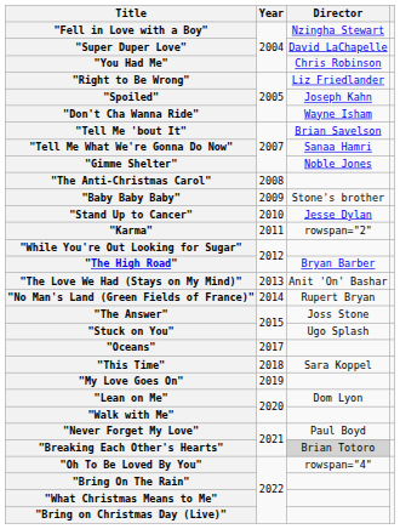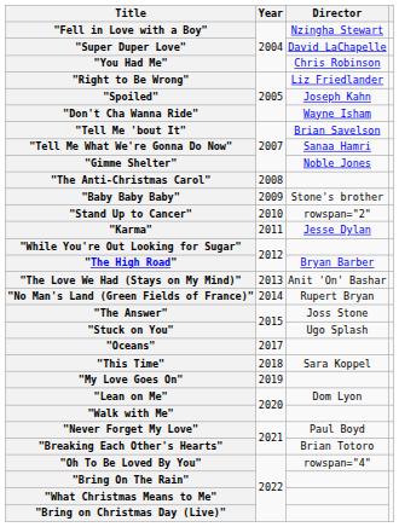 <table class="wikitable plainrowheaders" style="text-align:center;">
 <tr>
 <th scope="col">Title</th>
 <th scope="col">Year</th>
 <th scope="col">Director</th>
 <th scope="col"></th>
 </tr>
 <tr>
 <th scope="row">"Fell in Love with a Boy"</th>
 <td rowspan="3">2004</td>
 <td><a href='#'>Nzingha Stewart</a></td>
 <td></td>
 </tr>
 <tr>
 <th scope="row">"Super Duper Love"</th>
 <td><a href='#'>David LaChapelle</a></td>
 <td></td>
 </tr>
 <tr>
 <th scope="row">"You Had Me"</th>
 <td><a href='#'>Chris Robinson</a></td>
 <td></td>
 </tr>
 <tr>
 <th scope="row">"Right to Be Wrong"</th>
 <td rowspan="3">2005</td>
 <td><a href='#'>Liz Friedlander</a></td>
 <td></td>
 </tr>
 <tr>
 <th scope="row">"Spoiled"</th>
 <td><a href='#'>Joseph Kahn</a></td>
 <td></td>
 </tr>
 <tr>
 <th scope="row">"Don't Cha Wanna Ride"</th>
 <td><a href='#'>Wayne Isham</a></td>
 <td></td>
 </tr>
 <tr>
 <th scope="row">"Tell Me 'bout It"</th>
 <td rowspan="3">2007</td>
 <td><a href='#'>Brian Savelson</a></td>
 <td></td>
 </tr>
 <tr>
 <th scope="row">"Tell Me What We're Gonna Do Now"<br></th>
 <td><a href='#'>Sanaa Hamri</a></td>
 <td></td>
 </tr>
 <tr>
 <th scope="row">"Gimme Shelter"<br></th>
 <td><a href='#'>Noble Jones</a></td>
 <td></td>
 </tr>
 <tr>
 <th scope="row">"The Anti-Christmas Carol"</th>
 <td>2008</td>
 <td></td>
 <td></td>
 </tr>
 <tr>
 <th scope="row">"Baby Baby Baby"</th>
 <td>2009</td>
 <td>Stone's brother</td>
 <td></td>
 </tr>
 <tr>
 <th scope="row">"Stand Up to Cancer"<br></th>
 <td>2010</td>
-<td><a href='#'>Jesse Dylan</a></td>
+<td>rowspan="2" </td>
 <td></td>
 </tr>
 <tr>
 <th scope="row">"Karma"</th>
 <td>2011</td>
-<td>rowspan="2" </td>
+<td><a href='#'>Jesse Dylan</a></td>
 <td></td>
 </tr>
 <tr>
 <th scope="row">"While You're Out Looking for Sugar"</th>
 <td rowspan="2">2012</td>
 <td></td>
 </tr>
 <tr>
 <th scope="row">"<a href='#'>The High Road</a>"</th>
 <td><a href='#'>Bryan Barber</a></td>
 <td></td>
 </tr>
 <tr>
 <th scope="row">"The Love We Had (Stays on My Mind)"</th>
 <td>2013</td>
 <td>Anit 'On' Bashar</td>
 <td></td>
 </tr>
 <tr>
 <th scope="row">"No Man's Land (Green Fields of France)"<br></th>
 <td>2014</td>
 <td>Rupert Bryan</td>
 <td></td>
 </tr>
 <tr>
 <th scope="row">"The Answer"</th>
 <td rowspan="2">2015</td>
 <td>Joss Stone</td>
 <td></td>
 </tr>
 <tr>
 <th scope="row">"Stuck on You"</th>
 <td>Ugo Splash</td>
 <td></td>
 </tr>
 <tr>
 <th scope="row">"Oceans"</th>
 <td>2017</td>
 <td></td>
 <td></td>
 </tr>
 <tr>
 <th scope="row">"This Time"<br></th>
 <td>2018</td>
 <td>Sara Koppel</td>
 <td></td>
 </tr>
 <tr>
 <th scope="row">"My Love Goes On"<br></th>
 <td>2019</td>
 <td></td>
 <td></td>
 </tr>
 <tr>
 <th scope="row">"Lean on Me"<br></th>
 <td rowspan="2">2020</td>
 <td>Dom Lyon</td>
 <td></td>
 </tr>
 <tr>
 <th scope="row">"Walk with Me"</th>
 <td></td>
 <td></td>
 </tr>
 <tr>
 <th scope="row">"Never Forget My Love"</th>
 <td rowspan="2">2021</td>
 <td>Paul Boyd</td>
 <td></td>
 </tr>
 <tr>
 <th scope="row">"Breaking Each Other's Hearts"</th>
-<td style="background: lightgrey;">Brian Totoro</td>
+<td>Brian Totoro</td>
 <td></td>
 </tr>
 <tr>
 <th scope="row">"Oh To Be Loved By You"</th>
 <td rowspan="4">2022</td>
 <td>rowspan="4" </td>
 <td></td>
 </tr>
 <tr>
 <th scope="row">"Bring On The Rain"<br></th>
 <td></td>
 </tr>
 <tr>
 <th scope="row">"What Christmas Means to Me"</th>
 <td></td>
 </tr>
 <tr>
 <th scope="row">"Bring on Christmas Day (Live)"</th>
 <td></td>
 </tr>
 </table>
